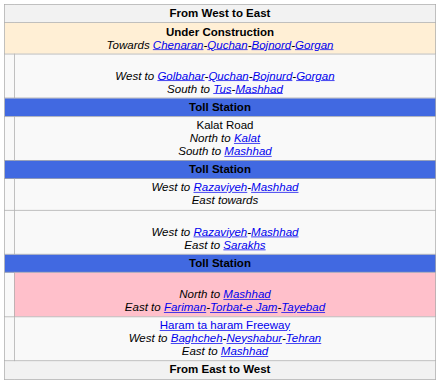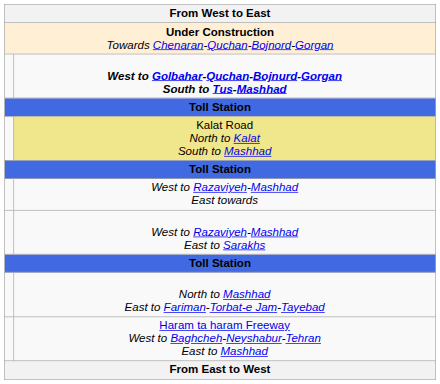 <table class="wikitable" style="text-align:center" width="600px">
 <tr>
 <th text-align="center" colspan="3"> From West to East </th>
 </tr>
 <tr>
 <td text-align="center" colspan="3" bgcolor="#FFEFD5"> <strong>Under Construction</strong> <br><em>Towards <a href='#'>Chenaran</a>-<a href='#'>Quchan</a>-<a href='#'>Bojnord</a>-<a href='#'>Gorgan</a></em></td>
 </tr>
 <tr>
 <td><br></td>
-<td><br><em>West to <a href='#'>Golbahar</a>-<a href='#'>Quchan</a>-<a href='#'>Bojnurd</a>-<a href='#'>Gorgan</a></em><br><em>South to <a href='#'>Tus</a>-<a href='#'>Mashhad</a></em></td>
+<td><strong><br><em>West to <a href='#'>Golbahar</a>-<a href='#'>Quchan</a>-<a href='#'>Bojnurd</a>-<a href='#'>Gorgan</a></em><br><em>South to <a href='#'>Tus</a>-<a href='#'>Mashhad</a></em></strong></td>
 </tr>
 <tr>
 <td colspan="7" align="center" bgcolor="#41 69 E1" color: "#FFFFFF"> <strong>Toll Station</strong></td>
 </tr>
 <tr>
 <td></td>
-<td> Kalat Road<br><em>North to <a href='#'>Kalat</a></em><br><em>South to <a href='#'>Mashhad</a></em></td>
+<td style="background: khaki;"> Kalat Road<br><em>North to <a href='#'>Kalat</a></em><br><em>South to <a href='#'>Mashhad</a></em></td>
 </tr>
 <tr>
 <td colspan="7" align="center" bgcolor="#41 69 E1" color: "#FFFFFF"> <strong>Toll Station</strong></td>
 </tr>
 <tr>
 <td></td>
 <td><em>West to <a href='#'>Razaviyeh</a>-<a href='#'>Mashhad</a></em><br><em>East towards </em></td>
 </tr>
 <tr>
 <td></td>
 <td><br><em>West to <a href='#'>Razaviyeh</a>-<a href='#'>Mashhad</a></em><br><em>East to <a href='#'>Sarakhs</a></em></td>
 </tr>
 <tr>
 <td colspan="7" align="center" bgcolor="#41 69 E1" color: "#FFFFFF"> <strong>Toll Station</strong></td>
 </tr>
 <tr>
 <td></td>
-<td style="background: pink;"><br><em>North to <a href='#'>Mashhad</a></em><br><em>East to <a href='#'>Fariman</a>-<a href='#'>Torbat-e Jam</a>-<a href='#'>Tayebad</a></em></td>
+<td><br><em>North to <a href='#'>Mashhad</a></em><br><em>East to <a href='#'>Fariman</a>-<a href='#'>Torbat-e Jam</a>-<a href='#'>Tayebad</a></em></td>
 </tr>
 <tr>
 <td><br></td>
 <td> <a href='#'>Haram ta haram Freeway</a><br><em>West to <a href='#'>Baghcheh</a>-<a href='#'>Neyshabur</a>-<a href='#'>Tehran</a></em><br><em>East to <a href='#'>Mashhad</a></em></td>
 </tr>
 <tr>
 <th text-align="center" colspan="3"> From East to West </th>
 </tr>
 </table>
